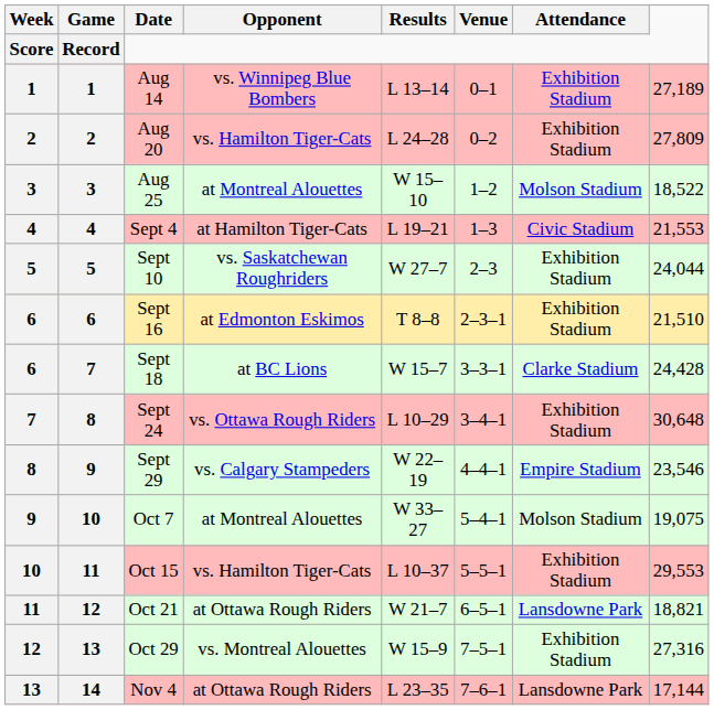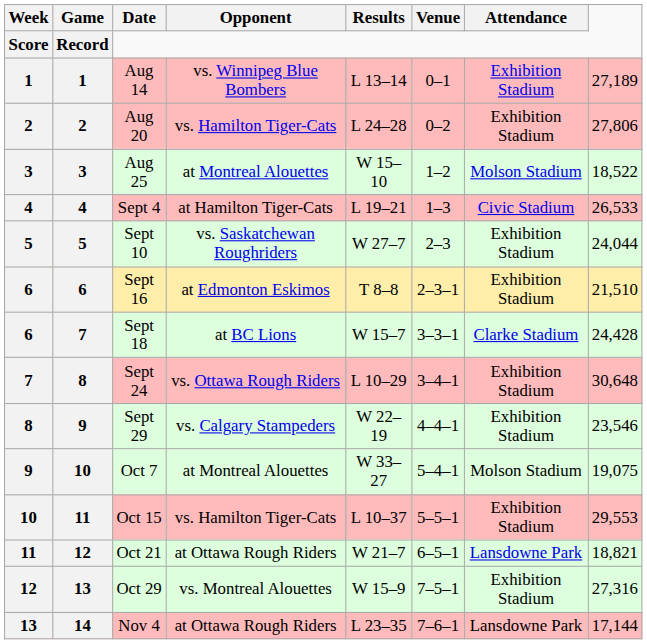 <table class="wikitable" style="text-align:center">
 <tr>
 <th>Week</th>
 <th>Game</th>
 <th>Date</th>
 <th>Opponent</th>
 <th>Results</th>
 <th>Venue</th>
 <th>Attendance</th>
 </tr>
 <tr>
 <th>Score</th>
 <th>Record</th>
 </tr>
 <tr style="background:#ffbbbb">
 <th>1</th>
 <th>1</th>
 <td>Aug 14</td>
 <td>vs. <a href='#'>Winnipeg Blue Bombers</a></td>
 <td>L 13–14</td>
 <td>0–1</td>
 <td><a href='#'>Exhibition Stadium</a></td>
 <td>27,189</td>
 </tr>
 <tr style="background:#ffbbbb">
 <th>2</th>
 <th>2</th>
 <td>Aug 20</td>
 <td>vs. <a href='#'>Hamilton Tiger-Cats</a></td>
 <td>L 24–28</td>
 <td>0–2</td>
 <td>Exhibition Stadium</td>
-<td>27,809</td>
+<td>27,806</td>
 </tr>
 <tr style="background:#ddffdd">
 <th>3</th>
 <th>3</th>
 <td>Aug 25</td>
 <td>at <a href='#'>Montreal Alouettes</a></td>
 <td>W 15–10</td>
 <td>1–2</td>
 <td><a href='#'>Molson Stadium</a></td>
 <td>18,522</td>
 </tr>
 <tr style="background:#ffbbbb">
 <th>4</th>
 <th>4</th>
 <td>Sept 4</td>
 <td>at Hamilton Tiger-Cats</td>
 <td>L 19–21</td>
 <td>1–3</td>
 <td><a href='#'>Civic Stadium</a></td>
-<td>21,553</td>
+<td>26,533</td>
 </tr>
 <tr style="background:#ddffdd">
 <th>5</th>
 <th>5</th>
 <td>Sept 10</td>
 <td>vs. <a href='#'>Saskatchewan Roughriders</a></td>
 <td>W 27–7</td>
 <td>2–3</td>
 <td>Exhibition Stadium</td>
 <td>24,044</td>
 </tr>
 <tr style="background:#ffeeaa">
 <th>6</th>
 <th>6</th>
 <td>Sept 16</td>
 <td>at <a href='#'>Edmonton Eskimos</a></td>
 <td>T 8–8</td>
 <td>2–3–1</td>
 <td>Exhibition Stadium</td>
 <td>21,510</td>
 </tr>
 <tr style="background:#ddffdd">
 <th>6</th>
 <th>7</th>
 <td>Sept 18</td>
 <td>at <a href='#'>BC Lions</a></td>
 <td>W 15–7</td>
 <td>3–3–1</td>
 <td><a href='#'>Clarke Stadium</a></td>
 <td>24,428</td>
 </tr>
 <tr style="background:#ffbbbb">
 <th>7</th>
 <th>8</th>
 <td>Sept 24</td>
 <td>vs. <a href='#'>Ottawa Rough Riders</a></td>
 <td>L 10–29</td>
 <td>3–4–1</td>
 <td>Exhibition Stadium</td>
 <td>30,648</td>
 </tr>
 <tr style="background:#ddffdd">
 <th>8</th>
 <th>9</th>
 <td>Sept 29</td>
 <td>vs. <a href='#'>Calgary Stampeders</a></td>
 <td>W 22–19</td>
 <td>4–4–1</td>
-<td><a href='#'>Empire Stadium</a></td>
+<td>Exhibition Stadium</td>
 <td>23,546</td>
 </tr>
 <tr style="background:#ddffdd">
 <th>9</th>
 <th>10</th>
 <td>Oct 7</td>
 <td>at Montreal Alouettes</td>
 <td>W 33–27</td>
 <td>5–4–1</td>
 <td>Molson Stadium</td>
 <td>19,075</td>
 </tr>
 <tr style="background:#ffbbbb">
 <th>10</th>
 <th>11</th>
 <td>Oct 15</td>
 <td>vs. Hamilton Tiger-Cats</td>
 <td>L 10–37</td>
 <td>5–5–1</td>
 <td>Exhibition Stadium</td>
 <td>29,553</td>
 </tr>
 <tr style="background:#ddffdd">
 <th>11</th>
 <th>12</th>
 <td>Oct 21</td>
 <td>at Ottawa Rough Riders</td>
 <td>W 21–7</td>
 <td>6–5–1</td>
 <td><a href='#'>Lansdowne Park</a></td>
 <td>18,821</td>
 </tr>
 <tr style="background:#ddffdd">
 <th>12</th>
 <th>13</th>
 <td>Oct 29</td>
 <td>vs. Montreal Alouettes</td>
 <td>W 15–9</td>
 <td>7–5–1</td>
 <td>Exhibition Stadium</td>
 <td>27,316</td>
 </tr>
 <tr style="background:#ffbbbb">
 <th>13</th>
 <th>14</th>
 <td>Nov 4</td>
 <td>at Ottawa Rough Riders</td>
 <td>L 23–35</td>
 <td>7–6–1</td>
 <td>Lansdowne Park</td>
 <td>17,144</td>
 </tr>
 </table>
